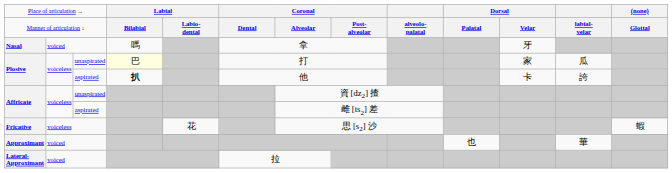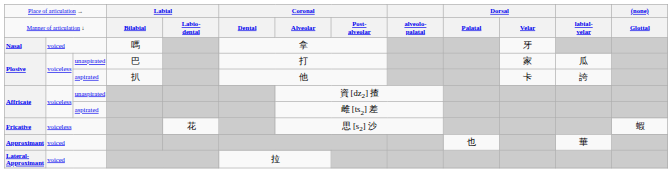 <table class="wikitable" style="text-align: center">
 <tr style="vertical-align: center; font-size: x-small; height: 2em">
 <td colspan="3" style="font-size: 90%;"><a href='#'>Place of articulation</a> →</td>
 <th colspan="2"><a href='#'>Labial</a></th>
 <th colspan="3"><a href='#'>Coronal</a></th>
 <th colspan="1"></th>
 <th colspan="2"><a href='#'>Dorsal</a></th>
 <th colspan="1"></th>
 <th colspan="1"><a href='#'>(none)</a></th>
 </tr>
 <tr style="vertical-align: center; font-size: x-small; height: 3em">
 <td colspan="3" style="font-size: 90%;"><a href='#'>Manner of articulation</a> ↓</td>
 <th style="width: 8em;"><a href='#'>Bi­la­bial</a></th>
 <th style="width: 8em;"><a href='#'>La­bio-<br>den­tal</a></th>
 <th style="width: 8em;"><a href='#'>Den­tal</a></th>
 <th style="width: 8em;"><a href='#'>Al­veo­lar</a></th>
 <th style="width: 8em;"><a href='#'>Post-<br>al­veo­lar</a></th>
 <th style="width: 8em;"><a href='#'>alveolo-<br>palatal</a></th>
 <th style="width: 8em;"><a href='#'>Pa­la­tal</a></th>
 <th style="width: 8em;"><a href='#'>Ve­lar</a></th>
 <th style="width: 8em;"><a href='#'>labial-<br>velar</a></th>
 <th style="width: 8em;"><a href='#'>Glot­tal</a></th>
 </tr>
 <tr style="font-size: 120%;">
 <th colspan="1" style="font-size: x-small; text-align:left"><a href='#'>Nasal</a></th>
 <td colspan="2" style="font-size: x-small; text-align:left"><a href='#'>voiced</a></td>
 <td style="font-size: small"> 嗎</td>
 <td style="background:#ccc"></td>
 <td colspan="3" style="font-size: small"> 拿</td>
 <td style="background:#ccc"></td>
 <td style="background:#ccc"></td>
 <td style="font-size: small"> 牙</td>
 <td style="background:#ccc"></td>
 <td style="background:#ccc"></td>
 </tr>
 <tr style="font-size: 120%;">
 <th rowspan="2" style="font-size: x-small; text-align:left"><a href='#'>Plosive</a></th>
 <td rowspan="2" style="font-size: x-small; text-align:left"><a href='#'>voiceless</a></td>
 <td style="font-size: x-small; text-align:left"><a href='#'>unaspirated</a></td>
-<td style="background: lightyellow; font-size: small">  巴</td>
+<td style="font-size: small">  巴</td>
 <td style="background:#ccc"></td>
 <td colspan="3" style="font-size: small"> 打</td>
 <td style="background:#ccc"></td>
 <td style="background:#ccc"></td>
 <td style="font-size: small">  家</td>
 <td style="font-size: small">   瓜</td>
 <td style="background:#ccc"></td>
 </tr>
 <tr style="font-size: 120%;">
 <td style="font-size: x-small; text-align:left"><a href='#'>aspirated</a></td>
-<td style="font-size: small"><strong>  扒</strong></td>
+<td style="font-size: small">  扒</td>
 <td style="background:#ccc"></td>
 <td colspan="3" style="font-size: small">  他</td>
 <td style="background:#ccc"></td>
 <td style="background:#ccc"></td>
 <td style="font-size: small">  卡</td>
 <td style="font-size: small">   誇</td>
 <td style="background:#ccc"></td>
 </tr>
 <tr style="font-size: 120%;">
 <th rowspan="2" style="font-size: x-small; text-align:left"><a href='#'>Affricate</a></th>
 <td rowspan="2" style="font-size: x-small; text-align:left"><a href='#'>voiceless</a></td>
 <td style="font-size: x-small; text-align:left"><a href='#'>unaspirated</a></td>
 <td style="background:#ccc"></td>
 <td style="background:#ccc"></td>
 <td style="background:#ccc"></td>
 <td colspan="3" style="font-size: small"> 資 [dz<sub>2</sub>] 揸 </td>
 <td style="background:#ccc"></td>
 <td style="background:#ccc"></td>
 <td style="background:#ccc"></td>
 <td style="background:#ccc"></td>
 </tr>
 <tr style="font-size: 120%;">
 <td style="font-size: x-small; text-align:left"><a href='#'>aspirated</a></td>
 <td style="background:#ccc"></td>
 <td style="background:#ccc"></td>
 <td style="background:#ccc"></td>
 <td colspan="3" style="font-size: small"> 雌 [ts<sub>2</sub>] 差  </td>
 <td style="background:#ccc"></td>
 <td style="background:#ccc"></td>
 <td style="background:#ccc"></td>
 <td style="background:#ccc"></td>
 </tr>
 <tr style="font-size: 120%;">
 <th style="font-size: x-small; text-align:left"><a href='#'>Fricative</a></th>
 <td colspan="2" style="font-size: x-small; text-align:left"><a href='#'>voiceless</a></td>
 <td style="background:#ccc"></td>
 <td style="font-size: small"> 花</td>
 <td style="background:#ccc"></td>
 <td colspan="3" style="font-size: small"> 思 [s<sub>2</sub>] 沙 </td>
 <td style="background:#ccc"></td>
 <td style="background:#ccc"></td>
 <td style="background:#ccc"></td>
 <td style="font-size: small"> 蝦</td>
 </tr>
 <tr style="font-size: 120%;">
 <th style="font-size: x-small; text-align:left"><a href='#'>Approx­imant</a></th>
 <td colspan="2" style="font-size: x-small; text-align:left"><a href='#'>voiced</a></td>
 <td style="background:#ccc"></td>
 <td style="background:#ccc"></td>
 <td colspan="3" style="background:#ccc"></td>
 <td style="background:#ccc"></td>
 <td style="font-size: small"> 也</td>
 <td style="background:#ccc"></td>
 <td style="font-size: small"> 華</td>
 <td style="background:#ccc"></td>
 </tr>
 <tr style="font-size: 120%;">
 <th style="font-size: x-small; text-align:left"><a href='#'>Lateral-<br>Approx­imant</a></th>
 <td colspan="2" style="font-size: x-small; text-align:left"><a href='#'>voiced</a></td>
 <td colspan="2" style="background:#ccc"></td>
 <td colspan="2" style="font-size: small"> 拉</td>
 <td style="background:#ccc"></td>
 <td style="background:#ccc"></td>
 <td style="background:#ccc"></td>
 <td style="background:#ccc"></td>
 <td style="background:#ccc"></td>
 <td style="background:#ccc"></td>
 </tr>
 </table>
